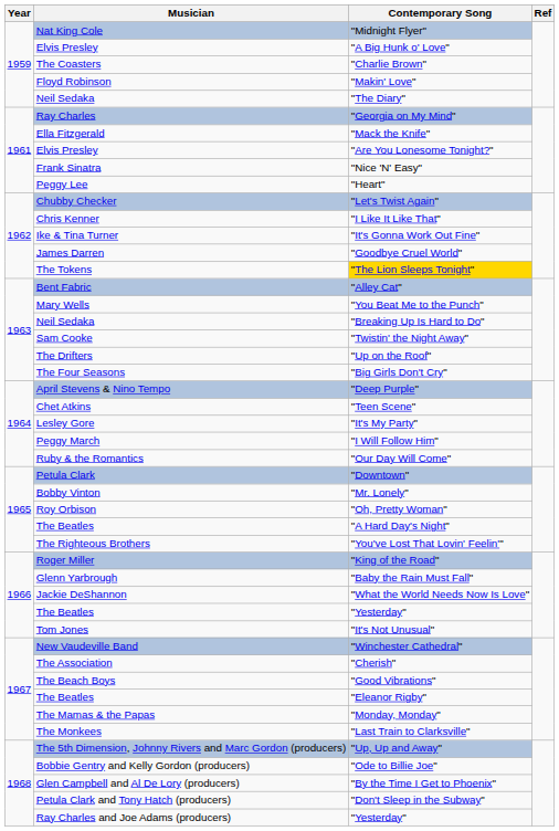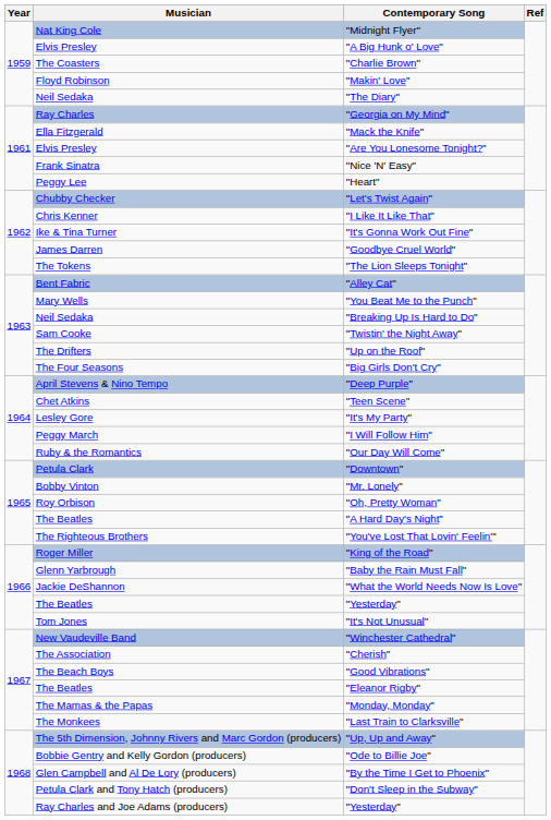 <table class="wikitable">
 <tr style="background:#bebebe;">
 <th>Year</th>
 <th>Musician</th>
 <th>Contemporary Song</th>
 <th>Ref</th>
 </tr>
 <tr>
 <td rowspan="5"><a href='#'>1959</a></td>
 <td style="background:#B0C4DE"><a href='#'>Nat King Cole</a></td>
 <td style="background:#B0C4DE">"Midnight Flyer"</td>
 <td rowspan="5"></td>
 </tr>
 <tr>
 <td><a href='#'>Elvis Presley</a></td>
 <td>"<a href='#'>A Big Hunk o' Love</a>"</td>
 </tr>
 <tr>
 <td><a href='#'>The Coasters</a></td>
 <td>"<a href='#'>Charlie Brown</a>"</td>
 </tr>
 <tr>
 <td><a href='#'>Floyd Robinson</a></td>
 <td>"<a href='#'>Makin' Love</a>"</td>
 </tr>
 <tr>
 <td><a href='#'>Neil Sedaka</a></td>
 <td>"<a href='#'>The Diary</a>"</td>
 </tr>
 <tr>
 <td rowspan="5"><a href='#'>1961</a></td>
 <td style="background:#B0C4DE"><a href='#'>Ray Charles</a></td>
 <td style="background:#B0C4DE">"<a href='#'>Georgia on My Mind</a>"</td>
 <td rowspan="5"></td>
 </tr>
 <tr>
 <td><a href='#'>Ella Fitzgerald</a></td>
 <td>"<a href='#'>Mack the Knife</a>"</td>
 </tr>
 <tr>
 <td><a href='#'>Elvis Presley</a></td>
 <td>"<a href='#'>Are You Lonesome Tonight?</a>"</td>
 </tr>
 <tr>
 <td><a href='#'>Frank Sinatra</a></td>
 <td>"Nice 'N' Easy"</td>
 </tr>
 <tr>
 <td><a href='#'>Peggy Lee</a></td>
 <td>"Heart"</td>
 </tr>
 <tr>
 <td rowspan="5"><a href='#'>1962</a></td>
 <td style="background:#B0C4DE"><a href='#'>Chubby Checker</a></td>
 <td style="background:#B0C4DE">"<a href='#'>Let's Twist Again</a>"</td>
 <td rowspan="5"></td>
 </tr>
 <tr>
 <td><a href='#'>Chris Kenner</a></td>
 <td>"<a href='#'>I Like It Like That</a>"</td>
 </tr>
 <tr>
 <td><a href='#'>Ike & Tina Turner</a></td>
 <td>"<a href='#'>It's Gonna Work Out Fine</a>"</td>
 </tr>
 <tr>
 <td><a href='#'>James Darren</a></td>
 <td>"<a href='#'>Goodbye Cruel World</a>"</td>
 </tr>
 <tr>
 <td><a href='#'>The Tokens</a></td>
-<td style="background: gold;">"<a href='#'>The Lion Sleeps Tonight</a>"</td>
+<td>"<a href='#'>The Lion Sleeps Tonight</a>"</td>
 </tr>
 <tr>
 <td rowspan="6" align="center"><a href='#'>1963</a></td>
 <td style="background:#B0C4DE"><a href='#'>Bent Fabric</a></td>
 <td style="background:#B0C4DE">"<a href='#'>Alley Cat</a>"</td>
 <td rowspan="6"></td>
 </tr>
 <tr>
 <td><a href='#'>Mary Wells</a></td>
 <td>"<a href='#'>You Beat Me to the Punch</a>"</td>
 </tr>
 <tr>
 <td><a href='#'>Neil Sedaka</a></td>
 <td>"<a href='#'>Breaking Up Is Hard to Do</a>"</td>
 </tr>
 <tr>
 <td><a href='#'>Sam Cooke</a></td>
 <td>"<a href='#'>Twistin' the Night Away</a>"</td>
 </tr>
 <tr>
 <td><a href='#'>The Drifters</a></td>
 <td>"<a href='#'>Up on the Roof</a>"</td>
 </tr>
 <tr>
 <td><a href='#'>The Four Seasons</a></td>
 <td>"<a href='#'>Big Girls Don't Cry</a>"</td>
 </tr>
 <tr>
 <td rowspan="5"><a href='#'>1964</a></td>
 <td style="background:#B0C4DE"><a href='#'>April Stevens</a> & <a href='#'>Nino Tempo</a></td>
 <td style="background:#B0C4DE">"<a href='#'>Deep Purple</a>"</td>
 <td rowspan="5"></td>
 </tr>
 <tr>
 <td><a href='#'>Chet Atkins</a></td>
 <td>"<a href='#'>Teen Scene</a>"</td>
 </tr>
 <tr>
 <td><a href='#'>Lesley Gore</a></td>
 <td>"<a href='#'>It's My Party</a>"</td>
 </tr>
 <tr>
 <td><a href='#'>Peggy March</a></td>
 <td>"<a href='#'>I Will Follow Him</a>"</td>
 </tr>
 <tr>
 <td><a href='#'>Ruby & the Romantics</a></td>
 <td>"<a href='#'>Our Day Will Come</a>"</td>
 </tr>
 <tr>
 <td rowspan="5"><a href='#'>1965</a></td>
 <td style="background:#B0C4DE"><a href='#'>Petula Clark</a></td>
 <td style="background:#B0C4DE">"<a href='#'>Downtown</a>"</td>
 <td rowspan="5"></td>
 </tr>
 <tr>
 <td><a href='#'>Bobby Vinton</a></td>
 <td>"<a href='#'>Mr. Lonely</a>"</td>
 </tr>
 <tr>
 <td><a href='#'>Roy Orbison</a></td>
 <td>"<a href='#'>Oh, Pretty Woman</a>"</td>
 </tr>
 <tr>
 <td><a href='#'>The Beatles</a></td>
 <td>"<a href='#'>A Hard Day's Night</a>"</td>
 </tr>
 <tr>
 <td><a href='#'>The Righteous Brothers</a></td>
 <td>"<a href='#'>You've Lost That Lovin' Feelin'</a>"</td>
 </tr>
 <tr>
 <td rowspan="5"><a href='#'>1966</a></td>
 <td style="background:#B0C4DE"><a href='#'>Roger Miller</a></td>
 <td style="background:#B0C4DE">"<a href='#'>King of the Road</a>"</td>
 <td rowspan="5"></td>
 </tr>
 <tr>
 <td><a href='#'>Glenn Yarbrough</a></td>
 <td>"<a href='#'>Baby the Rain Must Fall</a>"</td>
 </tr>
 <tr>
 <td><a href='#'>Jackie DeShannon</a></td>
 <td>"<a href='#'>What the World Needs Now Is Love</a>"</td>
 </tr>
 <tr>
 <td><a href='#'>The Beatles</a></td>
 <td>"<a href='#'>Yesterday</a>"</td>
 </tr>
 <tr>
 <td><a href='#'>Tom Jones</a></td>
 <td>"<a href='#'>It's Not Unusual</a>"</td>
 </tr>
 <tr>
 <td rowspan="6" align="center"><a href='#'>1967</a></td>
 <td style="background:#B0C4DE"><a href='#'>New Vaudeville Band</a></td>
 <td style="background:#B0C4DE">"<a href='#'>Winchester Cathedral</a>"</td>
 <td rowspan="6"></td>
 </tr>
 <tr>
 <td><a href='#'>The Association</a></td>
 <td>"<a href='#'>Cherish</a>"</td>
 </tr>
 <tr>
 <td><a href='#'>The Beach Boys</a></td>
 <td>"<a href='#'>Good Vibrations</a>"</td>
 </tr>
 <tr>
 <td><a href='#'>The Beatles</a></td>
 <td>"<a href='#'>Eleanor Rigby</a>"</td>
 </tr>
 <tr>
 <td><a href='#'>The Mamas & the Papas</a></td>
 <td>"<a href='#'>Monday, Monday</a>"</td>
 </tr>
 <tr>
 <td><a href='#'>The Monkees</a></td>
 <td>"<a href='#'>Last Train to Clarksville</a>"</td>
 </tr>
 <tr>
 <td rowspan="5"><a href='#'>1968</a></td>
 <td style="background:#B0C4DE"><a href='#'>The 5th Dimension</a>, <a href='#'>Johnny Rivers</a> and <a href='#'>Marc Gordon</a> (producers)</td>
 <td style="background:#B0C4DE">"<a href='#'>Up, Up and Away</a>"</td>
 <td rowspan="5"></td>
 </tr>
 <tr>
 <td><a href='#'>Bobbie Gentry</a> and Kelly Gordon (producers)</td>
 <td>"<a href='#'>Ode to Billie Joe</a>"</td>
 </tr>
 <tr>
 <td><a href='#'>Glen Campbell</a> and <a href='#'>Al De Lory</a> (producers)</td>
 <td>"<a href='#'>By the Time I Get to Phoenix</a>"</td>
 </tr>
 <tr>
 <td><a href='#'>Petula Clark</a> and <a href='#'>Tony Hatch</a> (producers)</td>
 <td>"<a href='#'>Don't Sleep in the Subway</a>"</td>
 </tr>
 <tr>
 <td><a href='#'>Ray Charles</a> and Joe Adams (producers)</td>
 <td>"<a href='#'>Yesterday</a>"</td>
 </tr>
 </table>
